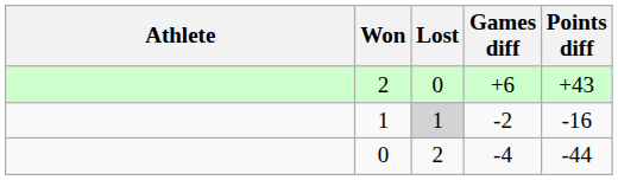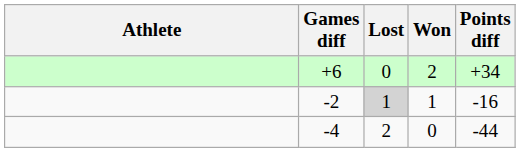 <table class="wikitable">
 <tr>
 <th style="width:15em">Athlete</th>
+<th>Games<br>diff</th>
+<th>Lost</th>
 <th>Won</th>
-<th>Lost</th>
-<th>Games<br>diff</th>
 <th>Points<br>diff</th>
 </tr>
 <tr bgcolor="#ccffcc">
 <td></td>
+<td align="center">+6</td>
+<td align="center">0</td>
 <td align="center">2</td>
-<td align="center">0</td>
-<td align="center">+6</td>
-<td align="center">+43</td>
+<td align="center">+34</td>
 </tr>
 <tr>
 <td></td>
+<td align="center">-2</td>
+<td align="center" style="background: lightgrey;">1</td>
 <td align="center">1</td>
-<td align="center" style="background: lightgrey;">1</td>
-<td align="center">-2</td>
 <td align="center">-16</td>
 </tr>
 <tr>
 <td></td>
+<td align="center">-4</td>
+<td align="center">2</td>
 <td align="center">0</td>
-<td align="center">2</td>
-<td align="center">-4</td>
 <td align="center">-44</td>
 </tr>
 </table>
